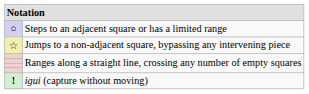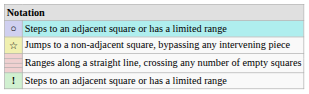 <table border="1" class="wikitable">
 <tr>
 <td colspan="2" style="background:#e0e0e0;"><strong>Notation</strong></td>
 </tr>
 <tr>
 <td align=center style="min-width:1.3em; background:#D0D0F0;">○</td>
-<td>Steps to an adjacent square or has a limited range</td>
+<td style="background: paleturquoise;">Steps to an adjacent square or has a limited range</td>
 </tr>
 <tr>
 <td align=center style="min-width:1.3em; background:#F0F0B0;">☆</td>
 <td>Jumps to a non-adjacent square, bypassing any intervening piece</td>
 </tr>
 <tr>
 <td align=center style="min-width:1.3em; background:#F0D0D0;"></td>
 <td rowspan=4>Ranges along a straight line, crossing any number of empty squares</td>
 </tr>
 <tr>
 <td align=center style="min-width:1.3em; background:#F0D0D0;"></td>
 </tr>
 <tr>
 <td align=center style="min-width:1.3em; background:#F0D0D0;"></td>
 </tr>
 <tr>
 <td align=center style="min-width:1.3em; background:#F0D0D0;"></td>
 </tr>
 <tr>
 <td align=center style="min-width:1.3em; background:#D0F0D0;"><strong>!</strong></td>
-<td><em>igui</em> (capture without moving)</td>
+<td>Steps to an adjacent square or has a limited range</td>
 </tr>
 </table>
